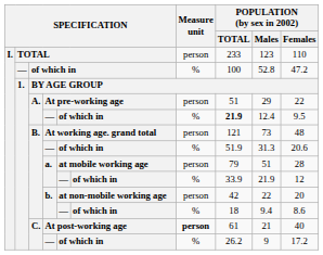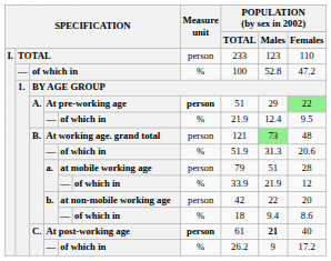 <table class="wikitable" style="font-size:85%; text-align:center">
 <tr>
 <th rowspan="2" colspan="6">SPECIFICATION</th>
 <th rowspan="2">Measure<br> unit</th>
 <th colspan="3" rowspan="1">POPULATION<br> (by sex in 2002)</th>
 </tr>
 <tr>
 <th>TOTAL</th>
 <th>Males</th>
 <th>Females</th>
 </tr>
 <tr>
 <th style="text-align:left" valign="top" rowspan="13">I.</th>
 <th style="text-align:left" colspan="5">TOTAL</th>
 <td>person</td>
 <td>233</td>
 <td>123</td>
 <td>110</td>
 </tr>
 <tr>
 <th style="text-align:left" valign="top">—</th>
 <th style="text-align:left" colspan="4">of which in</th>
 <td>%</td>
 <td>100</td>
 <td>52.8</td>
 <td>47.2</td>
 </tr>
 <tr>
 <th style="text-align:left" valign="top" rowspan="11">1.</th>
 <th style="text-align:left" colspan="19">BY AGE GROUP</th>
 </tr>
 <tr>
 <th style="text-align:left" valign="top" rowspan="2">A.</th>
 <th style="text-align:left" colspan="3">At pre-working age</th>
-<td>person</td>
+<td><strong>person</strong></td>
 <td>51</td>
 <td>29</td>
-<td>22</td>
+<td style="background: lightgreen;">22</td>
 </tr>
 <tr>
 <th style="text-align:left" valign="top">—</th>
 <th style="text-align:left" valign="top" colspan="2">of which in</th>
 <td>%</td>
-<td><strong>21.9</strong></td>
+<td>21.9</td>
 <td>12.4</td>
 <td>9.5</td>
 </tr>
 <tr>
 <th style="text-align:left" valign="top" rowspan="6">B.</th>
 <th style="text-align:left" colspan="3">At working age. grand total</th>
 <td>person</td>
 <td>121</td>
-<td>73</td>
+<td style="background: lightgreen;">73</td>
 <td>48</td>
 </tr>
 <tr>
 <th style="text-align:left" valign="top">—</th>
 <th style="text-align:left" valign="top" colspan="2">of which in</th>
 <td>%</td>
 <td>51.9</td>
 <td>31.3</td>
 <td>20.6</td>
 </tr>
 <tr>
 <th style="text-align:left" valign="top" rowspan="2">a.</th>
 <th style="text-align:left" colspan="2">at mobile working age</th>
 <td>person</td>
 <td>79</td>
 <td>51</td>
 <td>28</td>
 </tr>
 <tr>
 <th style="text-align:left" valign="top">—</th>
 <th style="text-align:left" valign="top" colspan="1">of which in                        </th>
 <td>%</td>
 <td>33.9</td>
 <td>21.9</td>
 <td>12</td>
 </tr>
 <tr>
 <th style="text-align:left" valign="top" rowspan="2">b.</th>
 <th style="text-align:left" colspan="2">at non-mobile working age</th>
 <td>person</td>
 <td>42</td>
 <td>22</td>
 <td>20</td>
 </tr>
 <tr>
 <th style="text-align:left" valign="top">—</th>
 <th style="text-align:left" valign="top" colspan="1">of which in                        </th>
 <td>%</td>
 <td>18</td>
 <td>9.4</td>
 <td>8.6</td>
 </tr>
 <tr>
 <th style="text-align:left" valign="top" rowspan="2">C.</th>
 <th style="text-align:left" colspan="3">At post-working age</th>
 <td><strong>person</strong></td>
 <td>61</td>
-<td>21</td>
+<td><strong>21</strong></td>
 <td>40</td>
 </tr>
 <tr>
 <th style="text-align:left" valign="top">—</th>
 <th style="text-align:left" valign="top" colspan="2">of which in</th>
 <td>%</td>
 <td>26.2</td>
 <td>9</td>
 <td>17.2</td>
 </tr>
 </table>
